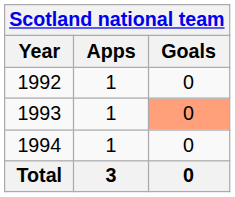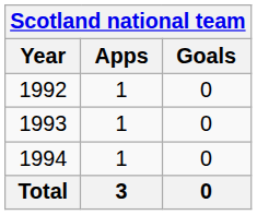 <table class="wikitable" style="text-align:center">
 <tr>
 <th colspan=3><a href='#'>Scotland national team</a></th>
 </tr>
 <tr>
 <th>Year</th>
 <th>Apps</th>
 <th>Goals</th>
 </tr>
 <tr>
 <td>1992</td>
 <td>1</td>
 <td>0</td>
 </tr>
 <tr>
 <td>1993</td>
 <td>1</td>
-<td style="background: lightsalmon;">0</td>
+<td>0</td>
 </tr>
 <tr>
 <td>1994</td>
 <td>1</td>
 <td>0</td>
 </tr>
 <tr>
 <th>Total</th>
 <th>3</th>
 <th>0</th>
 </tr>
 </table>
